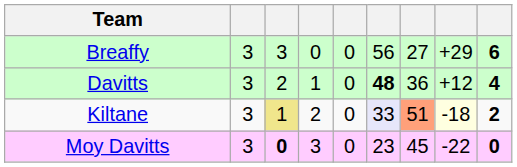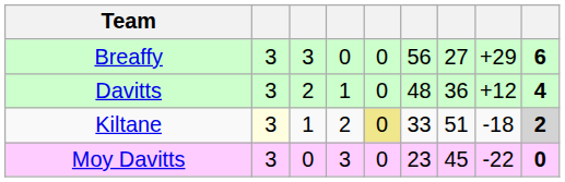 <table class="wikitable" style="text-align:center">
 <tr>
 <th style="width:175px;">Team</th>
 <th width="20"></th>
 <th width="20"></th>
 <th width="20"></th>
 <th width="20"></th>
 <th width="20"></th>
 <th width="20"></th>
 <th width="20"></th>
 <th width="20"></th>
 </tr>
 <tr style="background:#cfc;">
 <td><a href='#'>Breaffy</a></td>
 <td>3</td>
 <td>3</td>
 <td>0</td>
 <td>0</td>
 <td>56</td>
 <td>27</td>
 <td>+29</td>
 <td><strong>6</strong></td>
 </tr>
 <tr style="background:#cfc;">
 <td><a href='#'>Davitts</a></td>
 <td>3</td>
 <td>2</td>
 <td>1</td>
 <td>0</td>
-<td><strong>48</strong></td>
+<td>48</td>
 <td>36</td>
 <td>+12</td>
 <td><strong>4</strong></td>
 </tr>
 <tr>
 <td><a href='#'>Kiltane</a></td>
-<td>3</td>
-<td style="background: khaki;">1</td>
+<td style="background: lightyellow;">3</td>
+<td>1</td>
 <td>2</td>
-<td>0</td>
-<td style="background: lavender;">33</td>
-<td style="background: lightsalmon;">51</td>
-<td style="background: lightyellow;">-18</td>
-<td><strong>2</strong></td>
+<td style="background: khaki;">0</td>
+<td>33</td>
+<td>51</td>
+<td>-18</td>
+<td style="background: lightgrey;"><strong>2</strong></td>
 </tr>
 <tr style="background:#fcf;">
 <td><a href='#'>Moy Davitts</a></td>
 <td>3</td>
-<td><strong>0</strong></td>
+<td>0</td>
 <td>3</td>
 <td>0</td>
 <td>23</td>
 <td>45</td>
 <td>-22</td>
 <td><strong>0</strong></td>
 </tr>
 </table>
